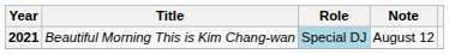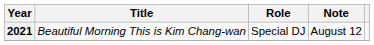 <table class="wikitable plainrowheaders sortable nowrap">
 <tr>
 <th scope="col">Year</th>
 <th scope="col">Title</th>
 <th scope="col">Role</th>
 <th scope="col">Note</th>
 <th scope="col" class="unsortable"></th>
 </tr>
 <tr>
 <th scope="row">2021</th>
 <td><em>  Beautiful Morning This is Kim Chang-wan</em></td>
-<td style="background: lightblue;">Special DJ</td>
+<td>Special DJ</td>
 <td>August 12</td>
 <td style="text-align:center"></td>
 </tr>
 <tr>
 </tr>
 </table>
